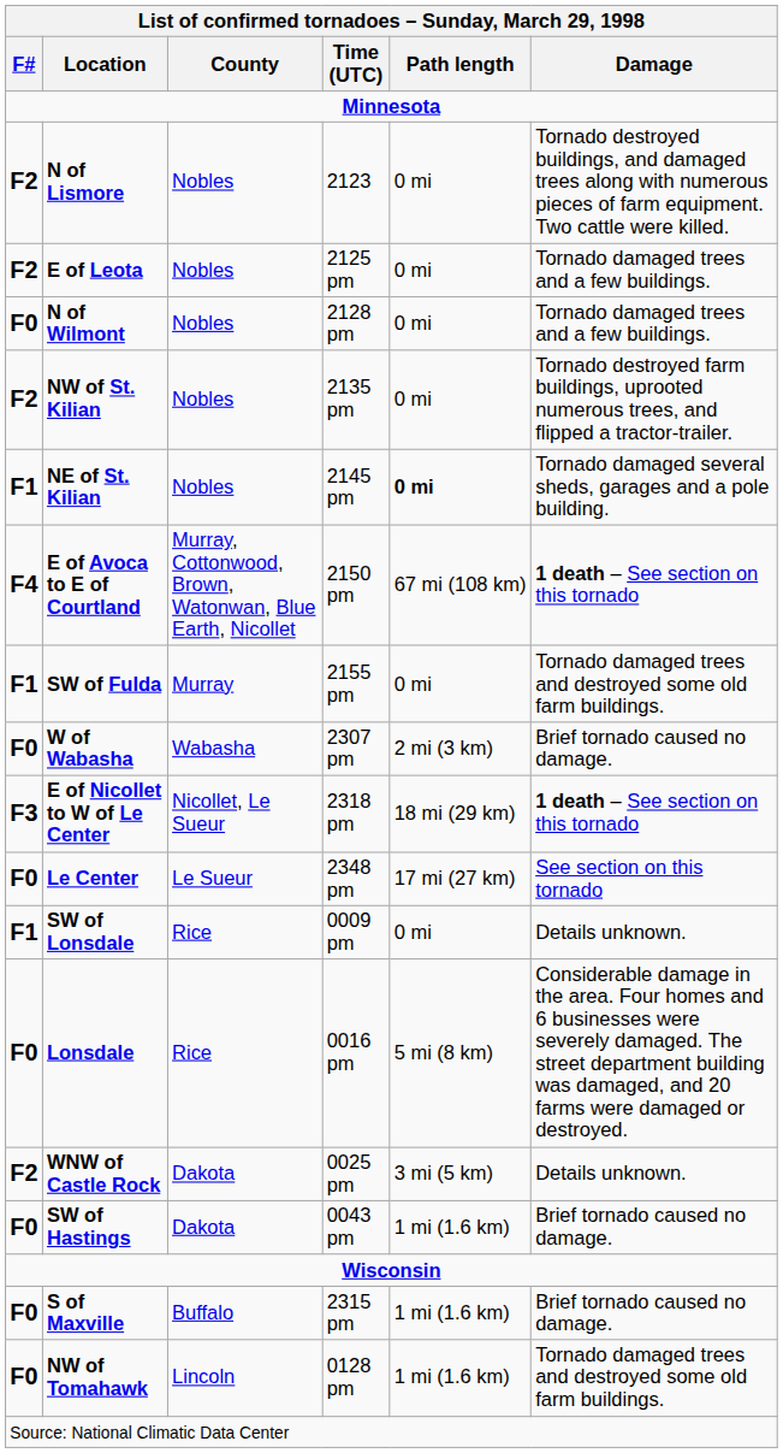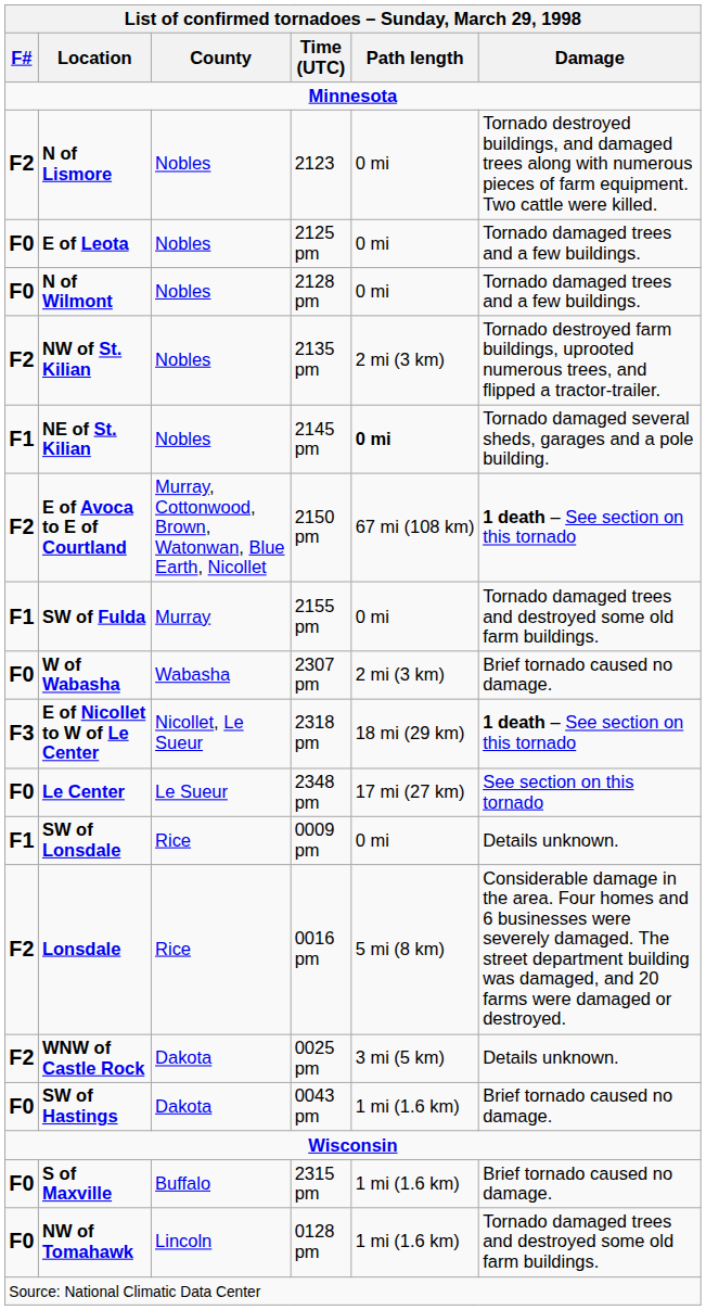 <table class="wikitable collapsible" width="100%">
 <tr>
 <th colspan=6>List of confirmed tornadoes – Sunday, March 29, 1998</th>
 </tr>
 <tr>
 <th><a href='#'>F#</a></th>
 <th>Location</th>
 <th>County</th>
 <th>Time (UTC)</th>
 <th>Path length</th>
 <th>Damage</th>
 </tr>
 <tr>
 <td colspan=7 align=center><strong><a href='#'>Minnesota</a></strong></td>
 </tr>
 <tr>
 <td><big><strong>F2</strong></big></td>
 <td><strong>N of <a href='#'>Lismore</a></strong></td>
 <td><a href='#'>Nobles</a></td>
 <td>2123</td>
 <td>0 mi</td>
 <td>Tornado destroyed buildings, and damaged trees along with numerous pieces of farm equipment. Two cattle were killed.</td>
 </tr>
 <tr>
-<td><big><strong>F2</strong></big></td>
+<td><big><strong>F0</strong></big></td>
 <td><strong>E of <a href='#'>Leota</a></strong></td>
 <td><a href='#'>Nobles</a></td>
 <td>2125 pm</td>
 <td>0 mi</td>
 <td>Tornado damaged trees and a few buildings.</td>
 </tr>
 <tr>
 <td><big><strong>F0</strong></big></td>
 <td><strong>N of <a href='#'>Wilmont</a></strong></td>
 <td><a href='#'>Nobles</a></td>
 <td>2128 pm</td>
 <td>0 mi</td>
 <td>Tornado damaged trees and a few buildings.</td>
 </tr>
 <tr>
 <td><big><strong>F2</strong></big></td>
 <td><strong>NW of <a href='#'>St. Kilian</a></strong></td>
 <td><a href='#'>Nobles</a></td>
 <td>2135 pm</td>
-<td>0 mi</td>
+<td>2 mi (3 km)</td>
 <td>Tornado destroyed farm buildings, uprooted numerous trees, and flipped a tractor-trailer.</td>
 </tr>
 <tr>
 <td><big><strong>F1</strong></big></td>
 <td><strong>NE of <a href='#'>St. Kilian</a></strong></td>
 <td><a href='#'>Nobles</a></td>
 <td>2145 pm</td>
 <td><strong>0 mi</strong></td>
 <td>Tornado damaged several sheds, garages and a pole building.</td>
 </tr>
 <tr>
-<td><big><strong>F4</strong></big></td>
+<td><big><strong>F2</strong></big></td>
 <td><strong>E of <a href='#'>Avoca</a> to E of <a href='#'>Courtland</a></strong></td>
 <td><a href='#'>Murray</a>, <a href='#'>Cottonwood</a>, <a href='#'>Brown</a>, <a href='#'>Watonwan</a>, <a href='#'>Blue Earth</a>, <a href='#'>Nicollet</a></td>
 <td>2150 pm</td>
 <td>67 mi (108 km)</td>
 <td><strong>1 death</strong> – <a href='#'>See section on this tornado</a></td>
 </tr>
 <tr>
 <td><big><strong>F1</strong></big></td>
 <td><strong>SW of <a href='#'>Fulda</a></strong></td>
 <td><a href='#'>Murray</a></td>
 <td>2155 pm</td>
 <td>0 mi</td>
 <td>Tornado damaged trees and destroyed some old farm buildings.</td>
 </tr>
 <tr>
 <td><big><strong>F0</strong></big></td>
 <td><strong>W of <a href='#'>Wabasha</a></strong></td>
 <td><a href='#'>Wabasha</a></td>
 <td>2307 pm</td>
 <td>2 mi (3 km)</td>
 <td>Brief tornado caused no damage.</td>
 </tr>
 <tr>
 <td><big><strong>F3</strong></big></td>
 <td><strong>E of <a href='#'>Nicollet</a> to W of <a href='#'>Le Center</a></strong></td>
 <td><a href='#'>Nicollet</a>, <a href='#'>Le Sueur</a></td>
 <td>2318 pm</td>
 <td>18 mi (29 km)</td>
 <td><strong>1 death</strong> – <a href='#'>See section on this tornado</a></td>
 </tr>
 <tr>
 <td><big><strong>F0</strong></big></td>
 <td><strong><a href='#'>Le Center</a></strong></td>
 <td><a href='#'>Le Sueur</a></td>
 <td>2348 pm</td>
 <td>17 mi (27 km)</td>
 <td><a href='#'>See section on this tornado</a></td>
 </tr>
 <tr>
 <td><big><strong>F1</strong></big></td>
 <td><strong>SW of <a href='#'>Lonsdale</a></strong></td>
 <td><a href='#'>Rice</a></td>
 <td>0009 pm</td>
 <td>0 mi</td>
 <td>Details unknown.</td>
 </tr>
 <tr>
-<td><big><strong>F0</strong></big></td>
+<td><big><strong>F2</strong></big></td>
 <td><strong><a href='#'>Lonsdale</a></strong></td>
 <td><a href='#'>Rice</a></td>
 <td>0016 pm</td>
 <td>5 mi (8 km)</td>
 <td>Considerable damage in the area. Four homes and 6 businesses were severely damaged. The street department building was damaged, and 20 farms were damaged or destroyed.</td>
 </tr>
 <tr>
 <td><big><strong>F2</strong></big></td>
 <td><strong>WNW of <a href='#'>Castle Rock</a></strong></td>
 <td><a href='#'>Dakota</a></td>
 <td>0025 pm</td>
 <td>3 mi (5 km)</td>
 <td>Details unknown.</td>
 </tr>
 <tr>
 <td><big><strong>F0</strong></big></td>
 <td><strong>SW of <a href='#'>Hastings</a></strong></td>
 <td><a href='#'>Dakota</a></td>
 <td>0043 pm</td>
 <td>1 mi (1.6 km)</td>
 <td>Brief tornado caused no damage.</td>
 </tr>
 <tr>
 <td colspan=7 align=center><strong><a href='#'>Wisconsin</a></strong></td>
 </tr>
 <tr>
 <td><big><strong>F0</strong></big></td>
 <td><strong>S of <a href='#'>Maxville</a></strong></td>
 <td><a href='#'>Buffalo</a></td>
 <td>2315 pm</td>
 <td>1 mi (1.6 km)</td>
 <td>Brief tornado caused no damage.</td>
 </tr>
 <tr>
 <td><big><strong>F0</strong></big></td>
 <td><strong>NW of <a href='#'>Tomahawk</a></strong></td>
 <td><a href='#'>Lincoln</a></td>
 <td>0128 pm</td>
 <td>1 mi (1.6 km)</td>
 <td>Tornado damaged trees and destroyed some old farm buildings.</td>
 </tr>
 <tr>
 <td colspan=7><small>Source: National Climatic Data Center</small></td>
 </tr>
 </table>
